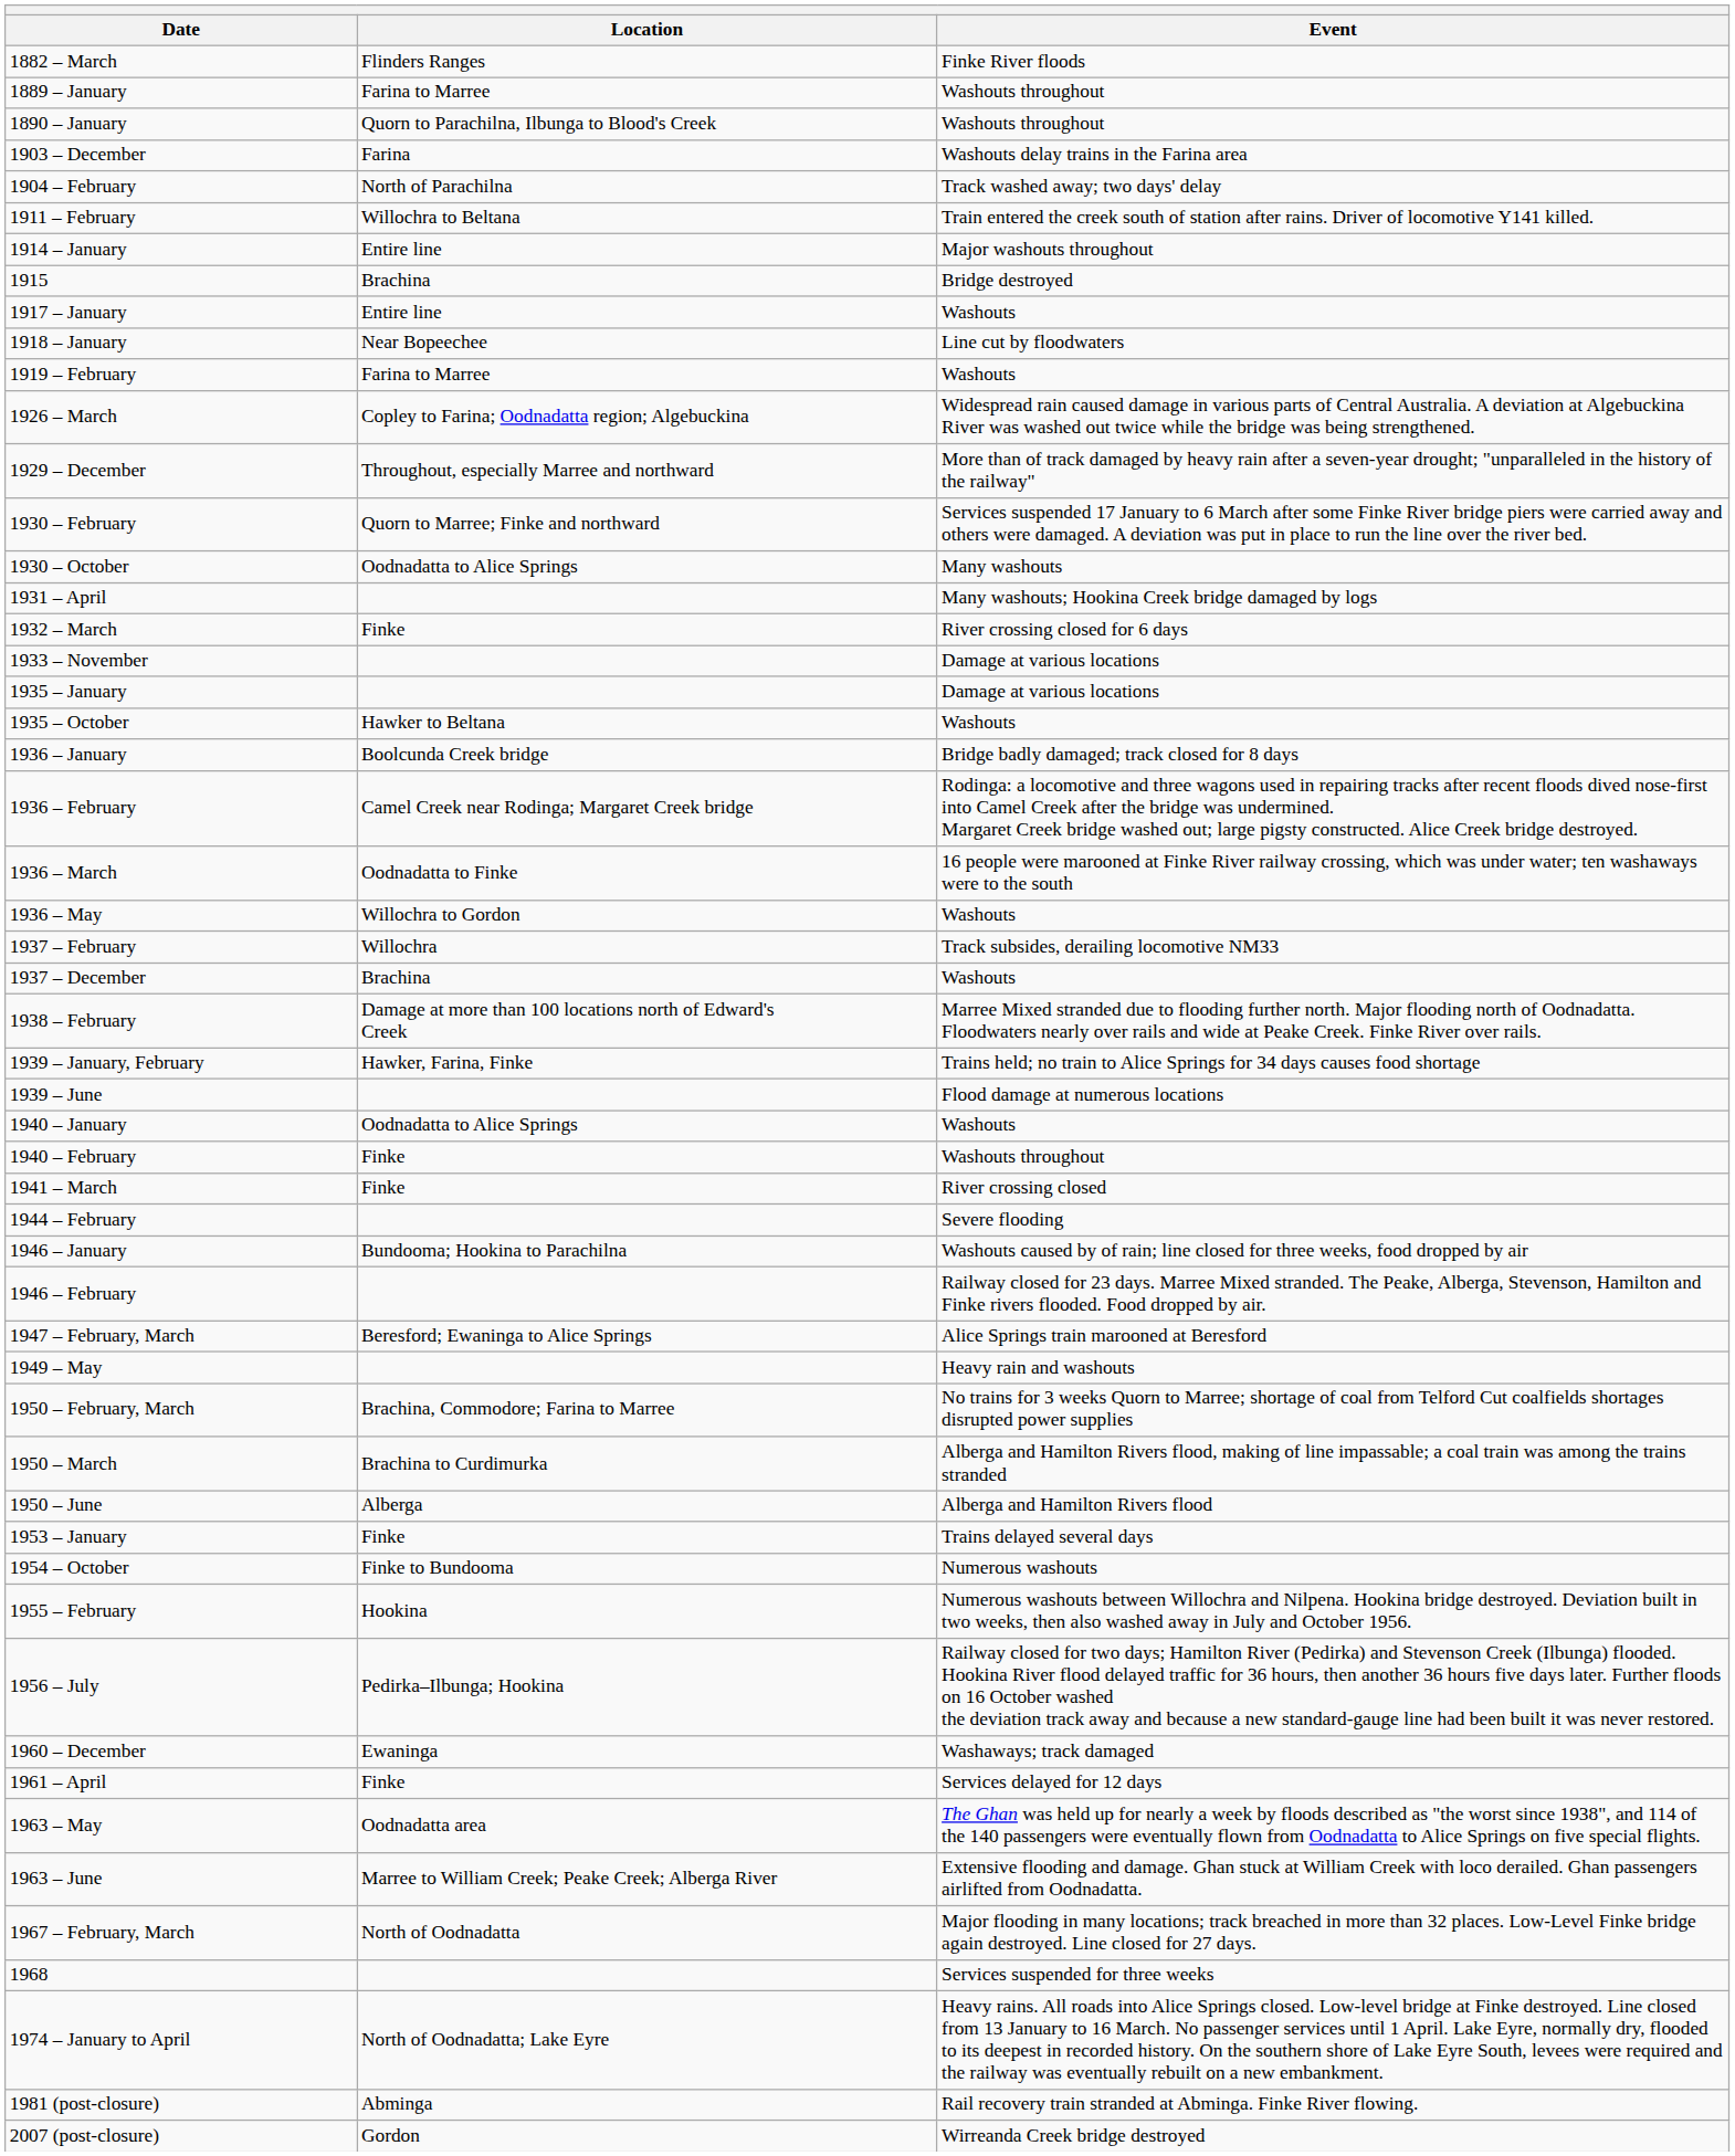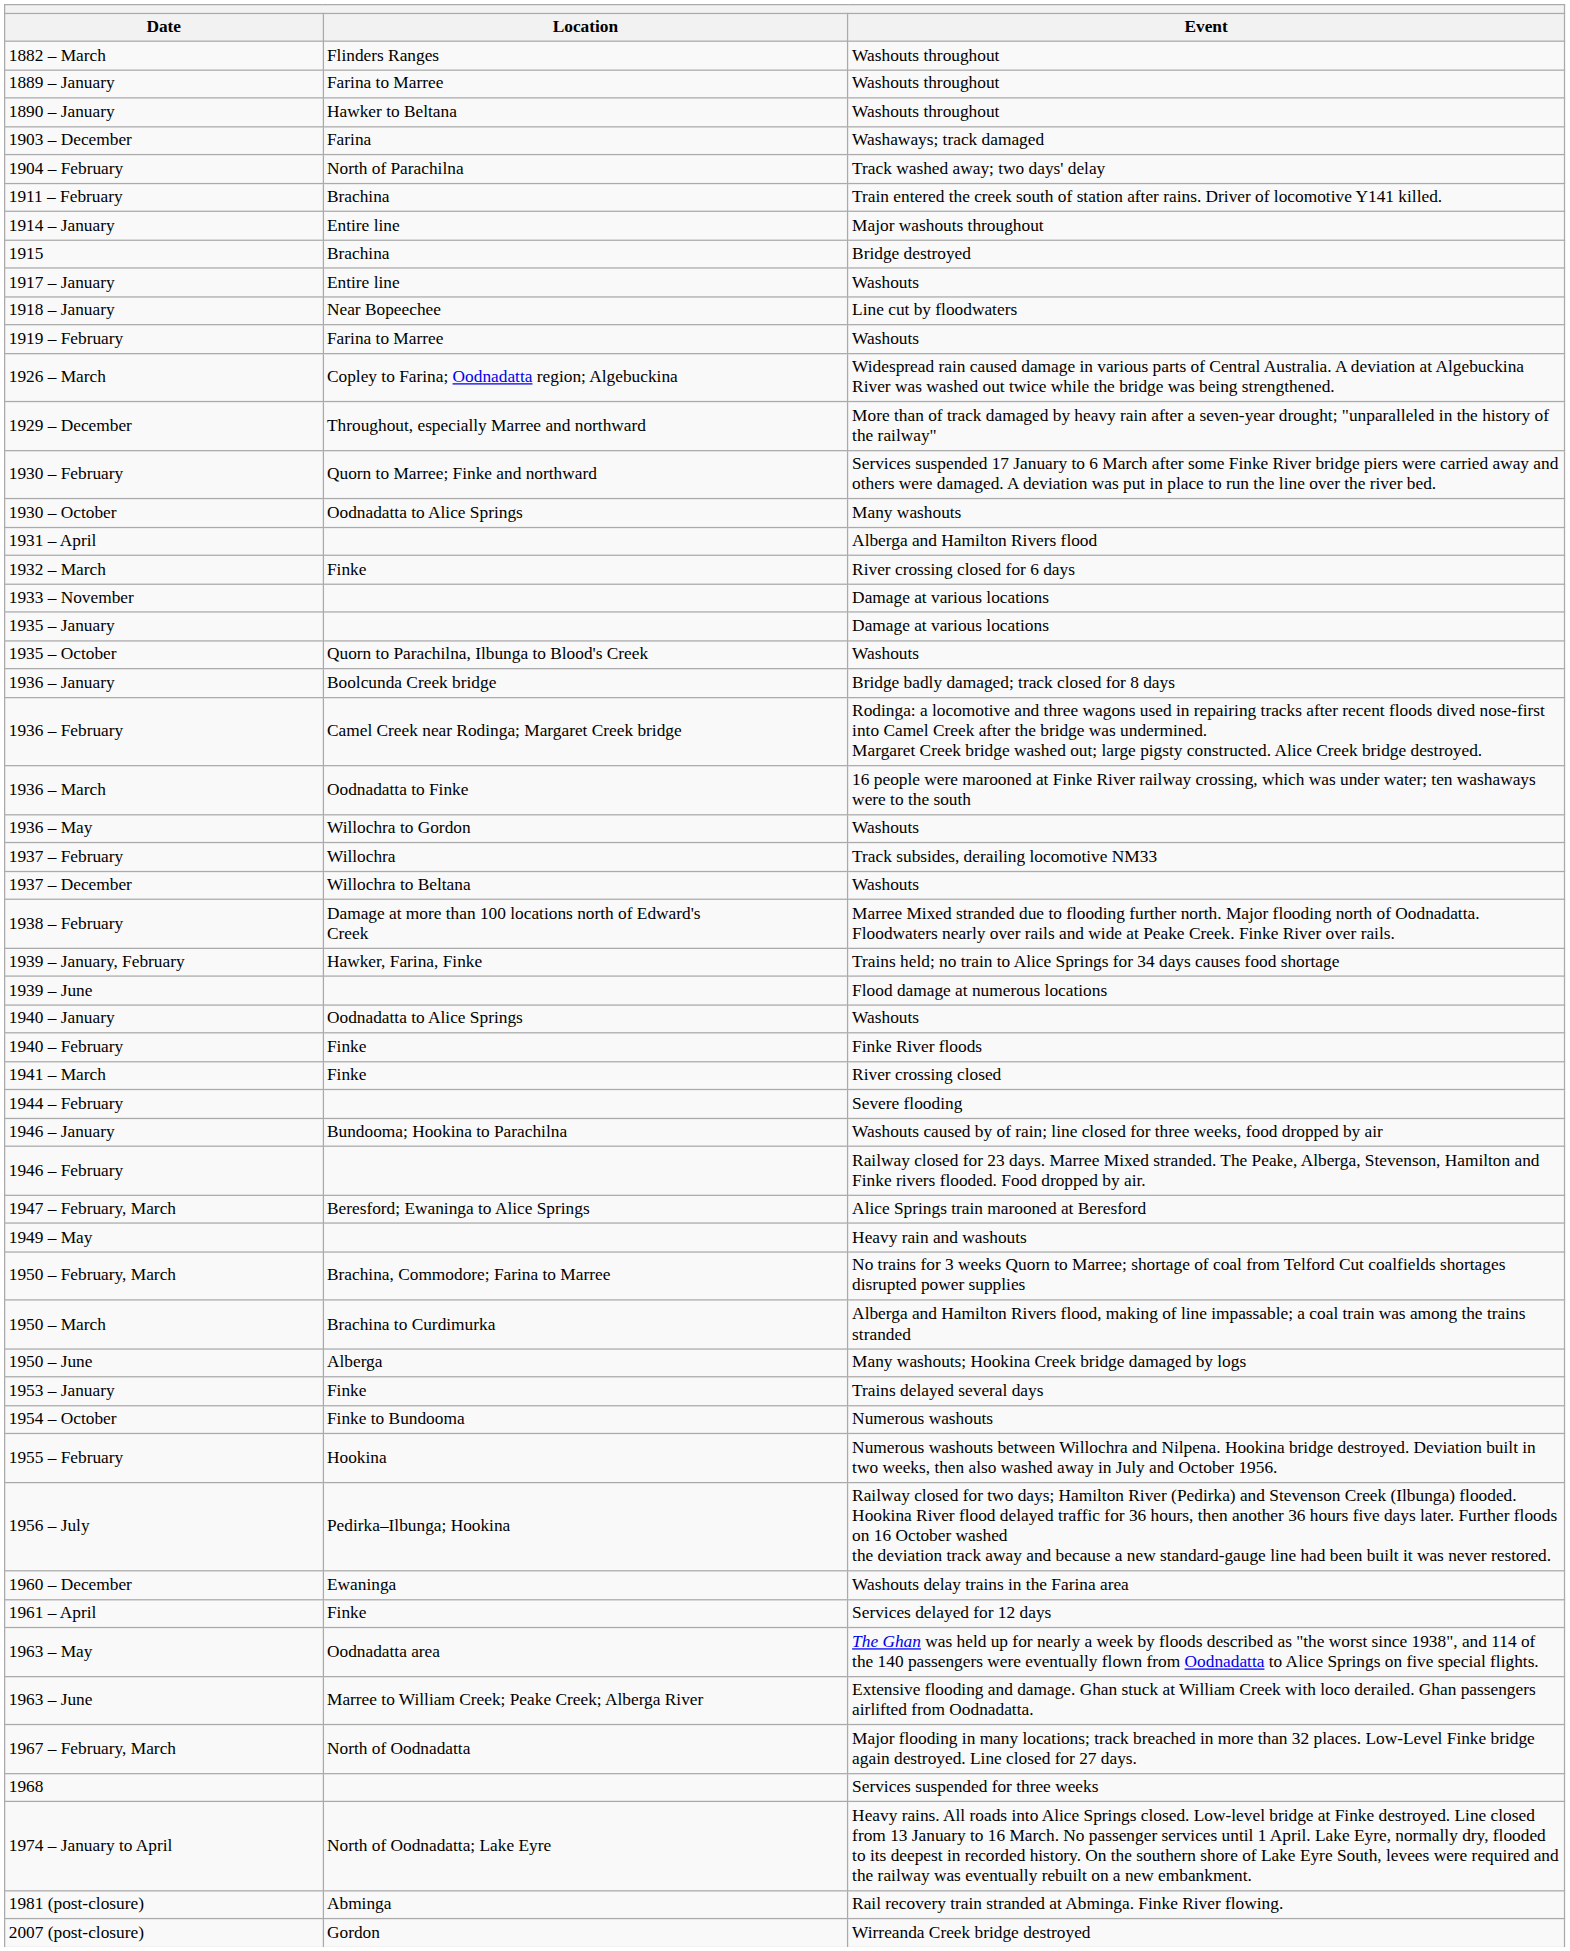 <table class="vertical-align-top wikitable mw-collapsible mw-collapsed" border="1" style="width:98%; font-size: 86%">
 <tr>
 <th colspan="3"></th>
 </tr>
 <tr>
 <th scope="col" style="width: 20%;">Date</th>
 <th scope="col" style="width: 33%;">Location</th>
 <th scope="col" style="width: 45%;">Event</th>
 </tr>
 <tr>
 <td>1882 – March</td>
 <td>Flinders Ranges</td>
-<td>Finke River floods</td>
+<td>Washouts throughout</td>
 </tr>
 <tr>
 <td>1889 – January</td>
 <td>Farina to Marree</td>
 <td>Washouts throughout</td>
 </tr>
 <tr>
 <td>1890 – January</td>
-<td>Quorn to Parachilna, Ilbunga to Blood's Creek</td>
+<td>Hawker to Beltana</td>
 <td>Washouts throughout</td>
 </tr>
 <tr>
 <td>1903 – December</td>
 <td>Farina</td>
-<td>Washouts delay trains in the Farina area</td>
+<td>Washaways; track damaged</td>
 </tr>
 <tr>
 <td>1904 – February</td>
 <td>North of Parachilna</td>
 <td>Track washed away; two days' delay</td>
 </tr>
 <tr>
 <td>1911 – February</td>
-<td>Willochra to Beltana</td>
+<td>Brachina</td>
 <td>Train entered the creek south of station after rains. Driver of locomotive Y141 killed.</td>
 </tr>
 <tr>
 <td>1914 – January</td>
 <td>Entire line</td>
 <td>Major washouts throughout</td>
 </tr>
 <tr>
 <td>1915</td>
 <td>Brachina</td>
 <td>Bridge destroyed</td>
 </tr>
 <tr>
 <td>1917 – January</td>
 <td>Entire line</td>
 <td>Washouts</td>
 </tr>
 <tr>
 <td>1918 – January</td>
 <td>Near Bopeechee</td>
 <td>Line cut by floodwaters</td>
 </tr>
 <tr>
 <td>1919 – February</td>
 <td>Farina to Marree</td>
 <td>Washouts</td>
 </tr>
 <tr>
 <td>1926 – March</td>
 <td>Copley to Farina; <a href='#'>Oodnadatta</a> region; Algebuckina</td>
 <td>Widespread rain caused damage in various parts of Central Australia. A deviation at Algebuckina River was washed out twice while the bridge was being strengthened.</td>
 </tr>
 <tr>
 <td>1929 – December</td>
 <td>Throughout, especially Marree and northward</td>
 <td>More than   of track damaged by heavy rain after a seven-year drought; "unparalleled in the history of the railway"</td>
 </tr>
 <tr>
 <td>1930 – February</td>
 <td>Quorn to Marree; Finke and northward</td>
 <td>Services suspended 17 January to 6 March after some Finke River bridge piers were carried away and others were damaged. A deviation was put in place to run the line over the river bed.</td>
 </tr>
 <tr>
 <td>1930 – October</td>
 <td>Oodnadatta to Alice Springs</td>
 <td>Many washouts</td>
 </tr>
 <tr>
 <td>1931 – April</td>
 <td></td>
-<td>Many washouts; Hookina Creek bridge damaged by logs</td>
+<td>Alberga and Hamilton Rivers flood</td>
 </tr>
 <tr>
 <td>1932 – March</td>
 <td>Finke</td>
 <td>River crossing closed for 6 days</td>
 </tr>
 <tr>
 <td>1933 – November</td>
 <td></td>
 <td>Damage at various locations</td>
 </tr>
 <tr>
 <td>1935 – January</td>
 <td></td>
 <td>Damage at various locations</td>
 </tr>
 <tr>
 <td>1935 – October</td>
-<td>Hawker to Beltana</td>
+<td>Quorn to Parachilna, Ilbunga to Blood's Creek</td>
 <td>Washouts</td>
 </tr>
 <tr>
 <td>1936 – January</td>
 <td>Boolcunda Creek bridge</td>
 <td>Bridge badly damaged; track closed for 8 days</td>
 </tr>
 <tr>
 <td>1936 – February</td>
 <td>Camel Creek near Rodinga; Margaret Creek bridge</td>
 <td>Rodinga: a locomotive and three wagons used in repairing tracks after recent floods dived nose-first into Camel Creek after the bridge was undermined.<br>Margaret Creek bridge washed out; large pigsty constructed. Alice Creek bridge destroyed.</td>
 </tr>
 <tr>
 <td>1936 – March</td>
 <td>Oodnadatta to Finke</td>
 <td>16 people were marooned at Finke River railway crossing, which was  under water; ten washaways were to the south</td>
 </tr>
 <tr>
 <td>1936 – May</td>
 <td>Willochra to Gordon</td>
 <td>Washouts</td>
 </tr>
 <tr>
 <td>1937 – February</td>
 <td>Willochra</td>
 <td>Track subsides, derailing locomotive NM33</td>
 </tr>
 <tr>
 <td>1937 – December</td>
-<td>Brachina</td>
+<td>Willochra to Beltana</td>
 <td>Washouts</td>
 </tr>
 <tr>
 <td>1938 – February</td>
 <td>Damage at more than 100 locations north of Edward's<br>Creek</td>
 <td>Marree Mixed stranded due to flooding further north. Major flooding north of Oodnadatta. Floodwaters nearly  over rails and  wide at Peake Creek. Finke River  over rails.</td>
 </tr>
 <tr>
 <td>1939 – January, February</td>
 <td>Hawker, Farina, Finke</td>
 <td>Trains held; no train to Alice Springs for 34 days causes food shortage</td>
 </tr>
 <tr>
 <td>1939 – June</td>
 <td></td>
 <td>Flood damage at numerous locations</td>
 </tr>
 <tr>
 <td>1940 – January</td>
 <td>Oodnadatta to Alice Springs</td>
 <td>Washouts</td>
 </tr>
 <tr>
 <td>1940 – February</td>
 <td>Finke</td>
-<td>Washouts throughout</td>
+<td>Finke River floods</td>
 </tr>
 <tr>
 <td>1941 – March</td>
 <td>Finke</td>
 <td>River crossing closed</td>
 </tr>
 <tr>
 <td>1944 – February</td>
 <td></td>
 <td>Severe flooding</td>
 </tr>
 <tr>
 <td>1946 – January</td>
 <td>Bundooma; Hookina to Parachilna</td>
 <td>Washouts caused by  of rain; line closed for three weeks, food dropped by air</td>
 </tr>
 <tr>
 <td>1946 – February</td>
 <td></td>
 <td>Railway closed for 23 days. Marree Mixed stranded. The Peake, Alberga, Stevenson, Hamilton and Finke rivers flooded. Food dropped by air.</td>
 </tr>
 <tr>
 <td>1947 – February, March</td>
 <td>Beresford; Ewaninga to Alice Springs</td>
 <td>Alice Springs train marooned at Beresford</td>
 </tr>
 <tr>
 <td>1949 – May</td>
 <td></td>
 <td>Heavy rain and washouts</td>
 </tr>
 <tr>
 <td>1950 – February, March</td>
 <td>Brachina, Commodore; Farina to Marree</td>
 <td>No trains for 3 weeks Quorn to Marree; shortage of coal from Telford Cut coalfields shortages disrupted power supplies</td>
 </tr>
 <tr>
 <td>1950 – March</td>
 <td>Brachina to Curdimurka</td>
 <td>Alberga and Hamilton Rivers flood, making  of line impassable; a coal train was among the trains stranded</td>
 </tr>
 <tr>
 <td>1950 – June</td>
 <td>Alberga</td>
-<td>Alberga and Hamilton Rivers flood</td>
+<td>Many washouts; Hookina Creek bridge damaged by logs</td>
 </tr>
 <tr>
 <td>1953 – January</td>
 <td>Finke</td>
 <td>Trains delayed several days</td>
 </tr>
 <tr>
 <td>1954 – October</td>
 <td>Finke to Bundooma</td>
 <td>Numerous washouts</td>
 </tr>
 <tr>
 <td>1955 – February</td>
 <td>Hookina</td>
 <td>Numerous washouts between Willochra and Nilpena. Hookina bridge destroyed. Deviation built in two weeks, then also washed away in July and October 1956.</td>
 </tr>
 <tr>
 <td>1956 – July</td>
 <td>Pedirka–Ilbunga; Hookina</td>
 <td>Railway closed for two days; Hamilton River (Pedirka) and Stevenson Creek (Ilbunga) flooded. Hookina River flood delayed traffic for 36 hours, then another 36 hours five days later. Further floods on 16 October washed<br>the deviation track away and because a new standard-gauge line had been built it was never restored.</td>
 </tr>
 <tr>
 <td>1960 – December</td>
 <td>Ewaninga</td>
-<td>Washaways; track damaged</td>
+<td>Washouts delay trains in the Farina area</td>
 </tr>
 <tr>
 <td>1961 – April</td>
 <td>Finke</td>
 <td>Services delayed for 12 days</td>
 </tr>
 <tr>
 <td>1963 – May</td>
 <td>Oodnadatta area</td>
 <td><em><a href='#'>The Ghan</a></em> was held up for nearly a week by floods described as "the worst since 1938", and 114 of the 140 passengers were eventually flown from <a href='#'>Oodnadatta</a> to Alice Springs on five special flights.</td>
 </tr>
 <tr>
 <td>1963 – June</td>
 <td>Marree to William Creek; Peake Creek; Alberga River</td>
 <td>Extensive flooding and damage. Ghan stuck at William Creek with loco derailed. Ghan passengers airlifted from Oodnadatta.</td>
 </tr>
 <tr>
 <td>1967 – February, March</td>
 <td>North of Oodnadatta</td>
 <td>Major flooding in many locations; track breached in more than 32 places. Low-Level Finke bridge again destroyed. Line closed for 27 days.</td>
 </tr>
 <tr>
 <td>1968</td>
 <td></td>
 <td>Services suspended for three weeks</td>
 </tr>
 <tr>
 <td>1974 – January to April</td>
 <td>North of Oodnadatta; Lake Eyre</td>
 <td>Heavy rains. All roads into Alice Springs closed. Low-level bridge at Finke destroyed. Line closed from 13 January to 16 March. No passenger services until 1 April. Lake Eyre, normally dry, flooded to its deepest in recorded history. On the southern shore of Lake Eyre South, levees were required and the railway was eventually rebuilt on a new embankment.</td>
 </tr>
 <tr>
 <td>1981 (post-closure)</td>
 <td>Abminga</td>
 <td>Rail recovery train stranded at Abminga. Finke River flowing.</td>
 </tr>
 <tr>
 <td>2007 (post-closure)</td>
 <td>Gordon</td>
 <td>Wirreanda Creek bridge destroyed</td>
 </tr>
 </table>
